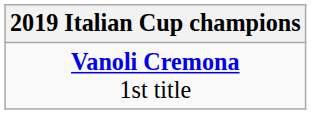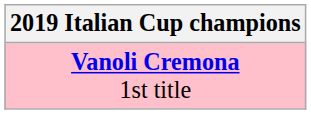 <table class=wikitable style="text-align:center; margin:auto">
 <tr>
 <th>2019 Italian Cup champions</th>
 </tr>
 <tr>
-<td><strong><a href='#'>Vanoli Cremona</a></strong><br>1st title</td>
+<td style="background: pink;"><strong><a href='#'>Vanoli Cremona</a></strong><br>1st title</td>
 </tr>
 </table>
